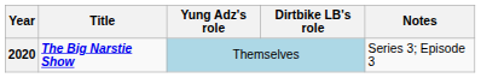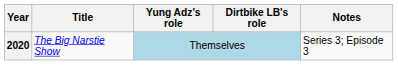 <table class="wikitable sortable plainrowheaders">
 <tr>
 <th>Year</th>
 <th>Title</th>
 <th>Yung Adz's role</th>
 <th>Dirtbike LB's role</th>
 <th class="unsortable">Notes</th>
 </tr>
 <tr>
 <th scope="row">2020</th>
-<td><strong><em><a href='#'>The Big Narstie Show</a></em></strong></td>
+<td><em><a href='#'>The Big Narstie Show</a></em></td>
 <td style="background:lightblue;" align="center" colspan="2">Themselves</td>
 <td>Series 3; Episode 3</td>
 </tr>
 </table>
